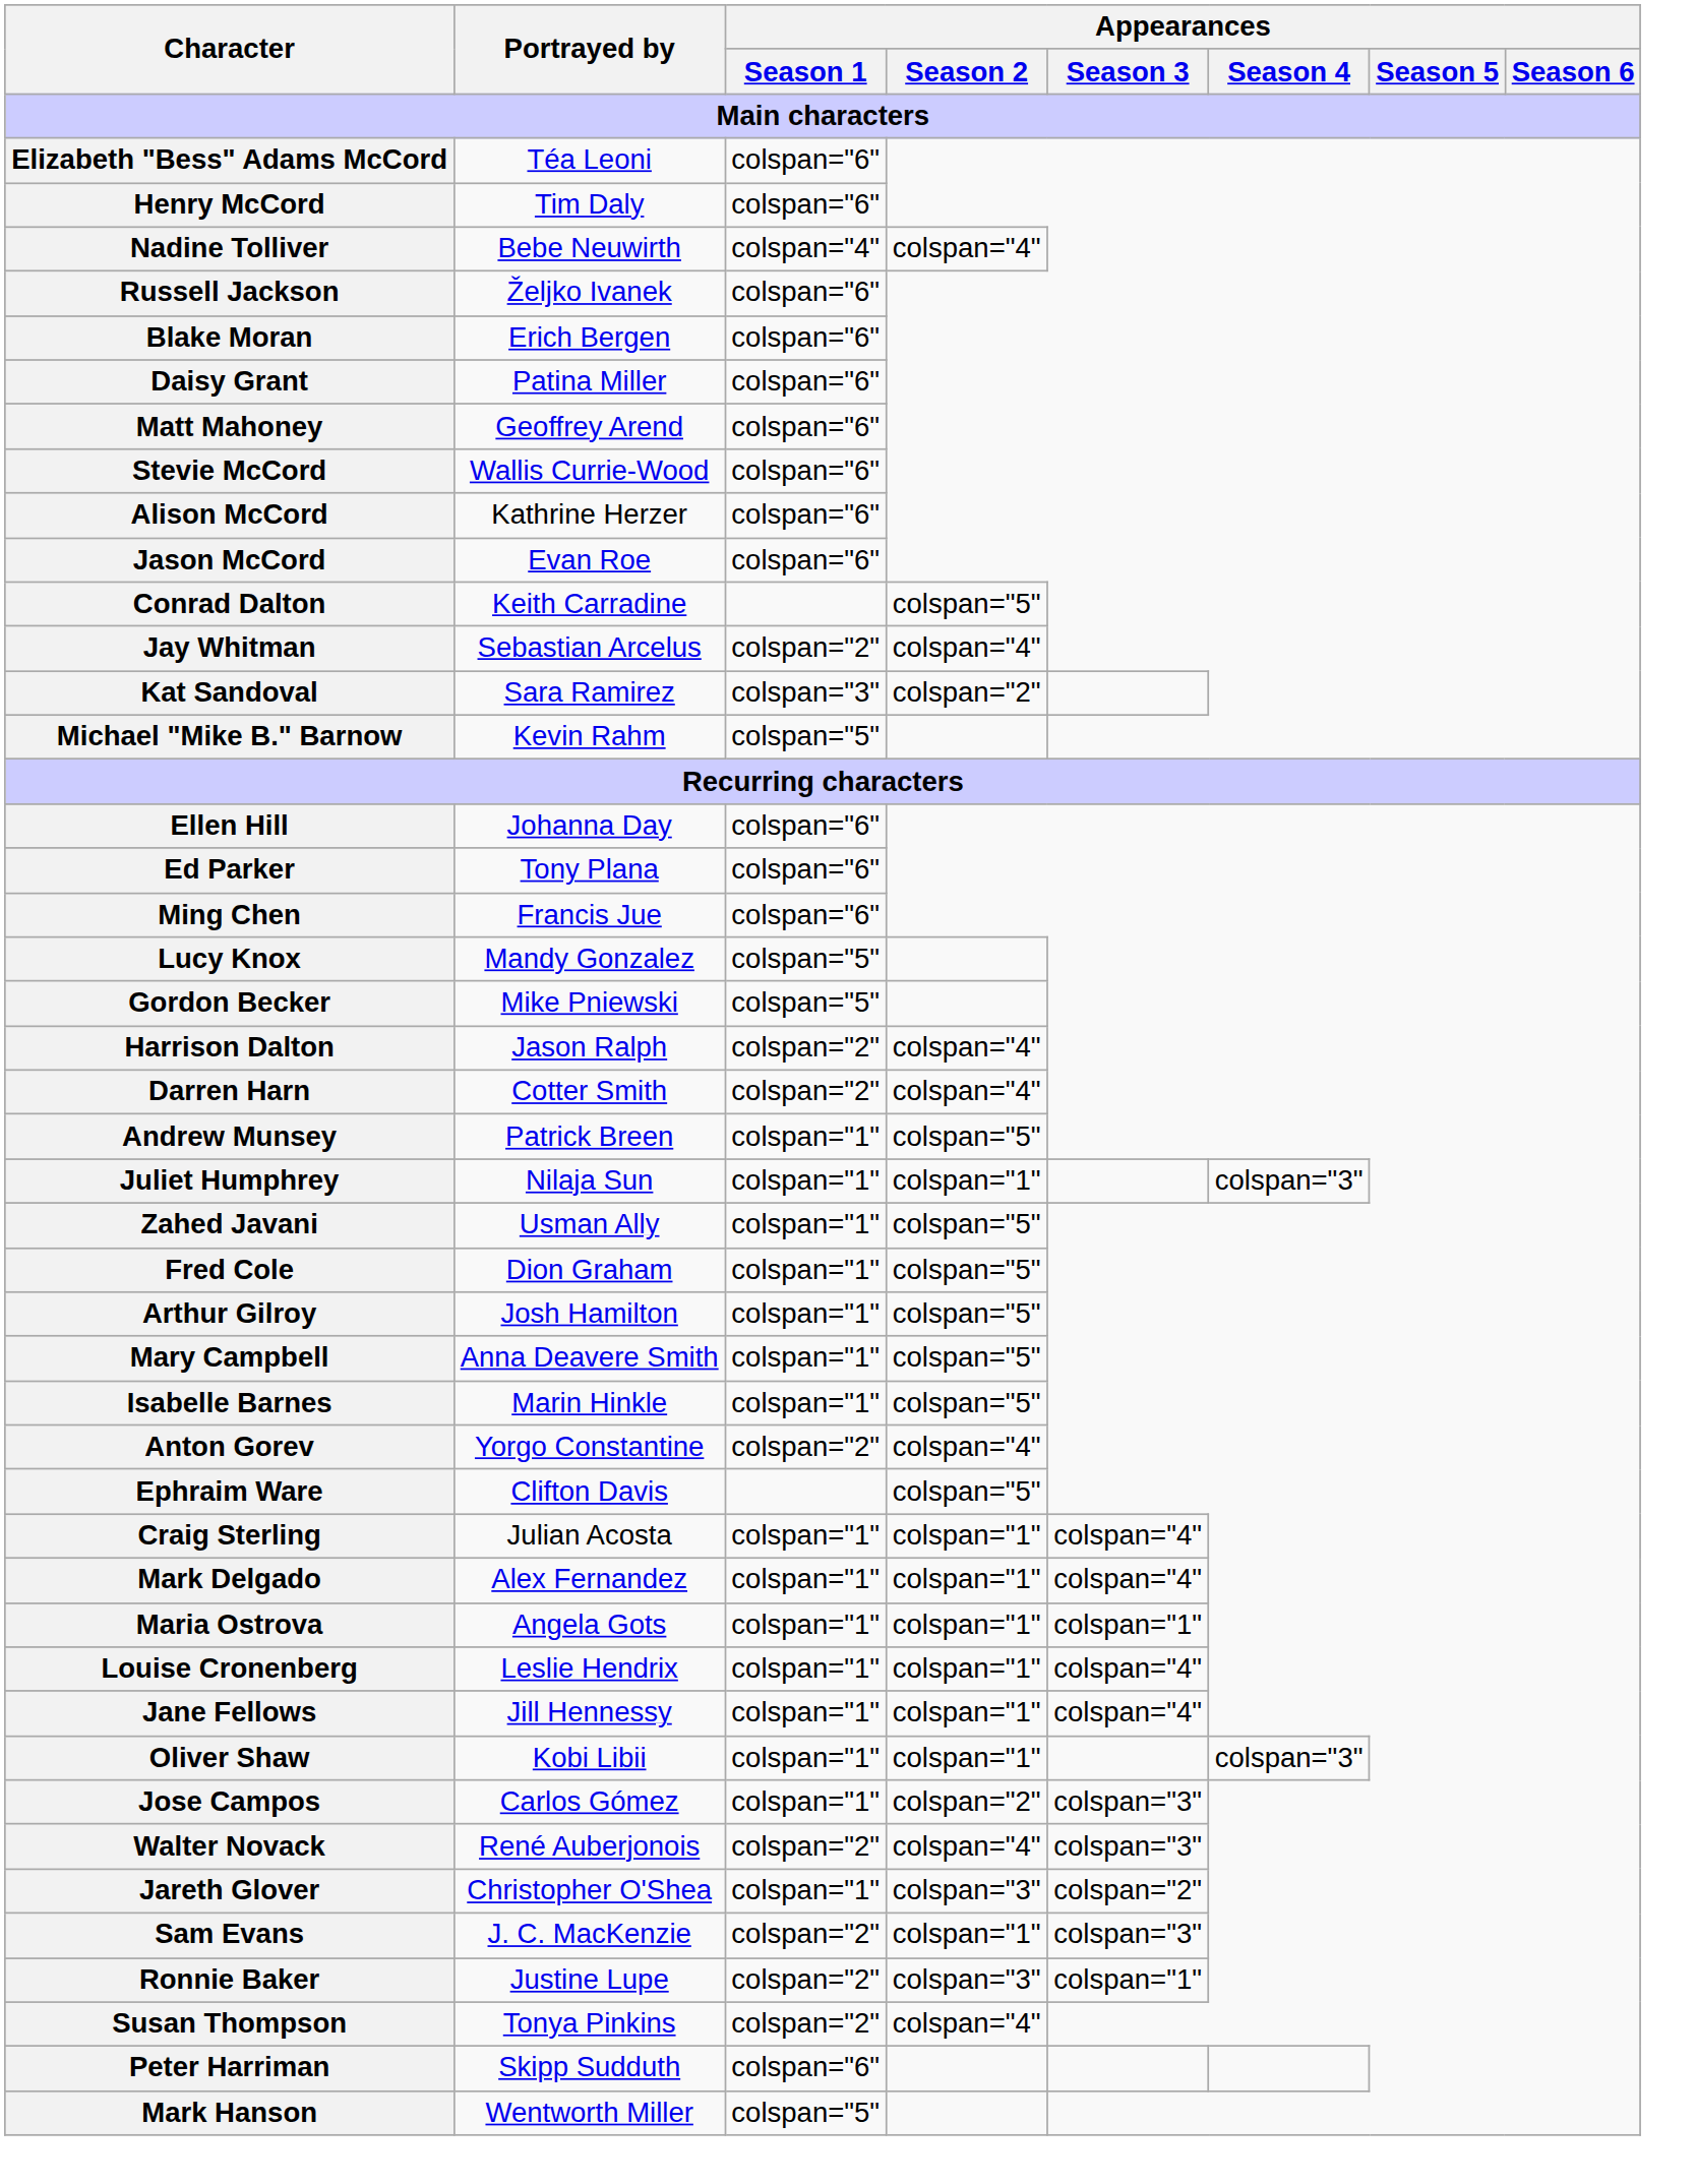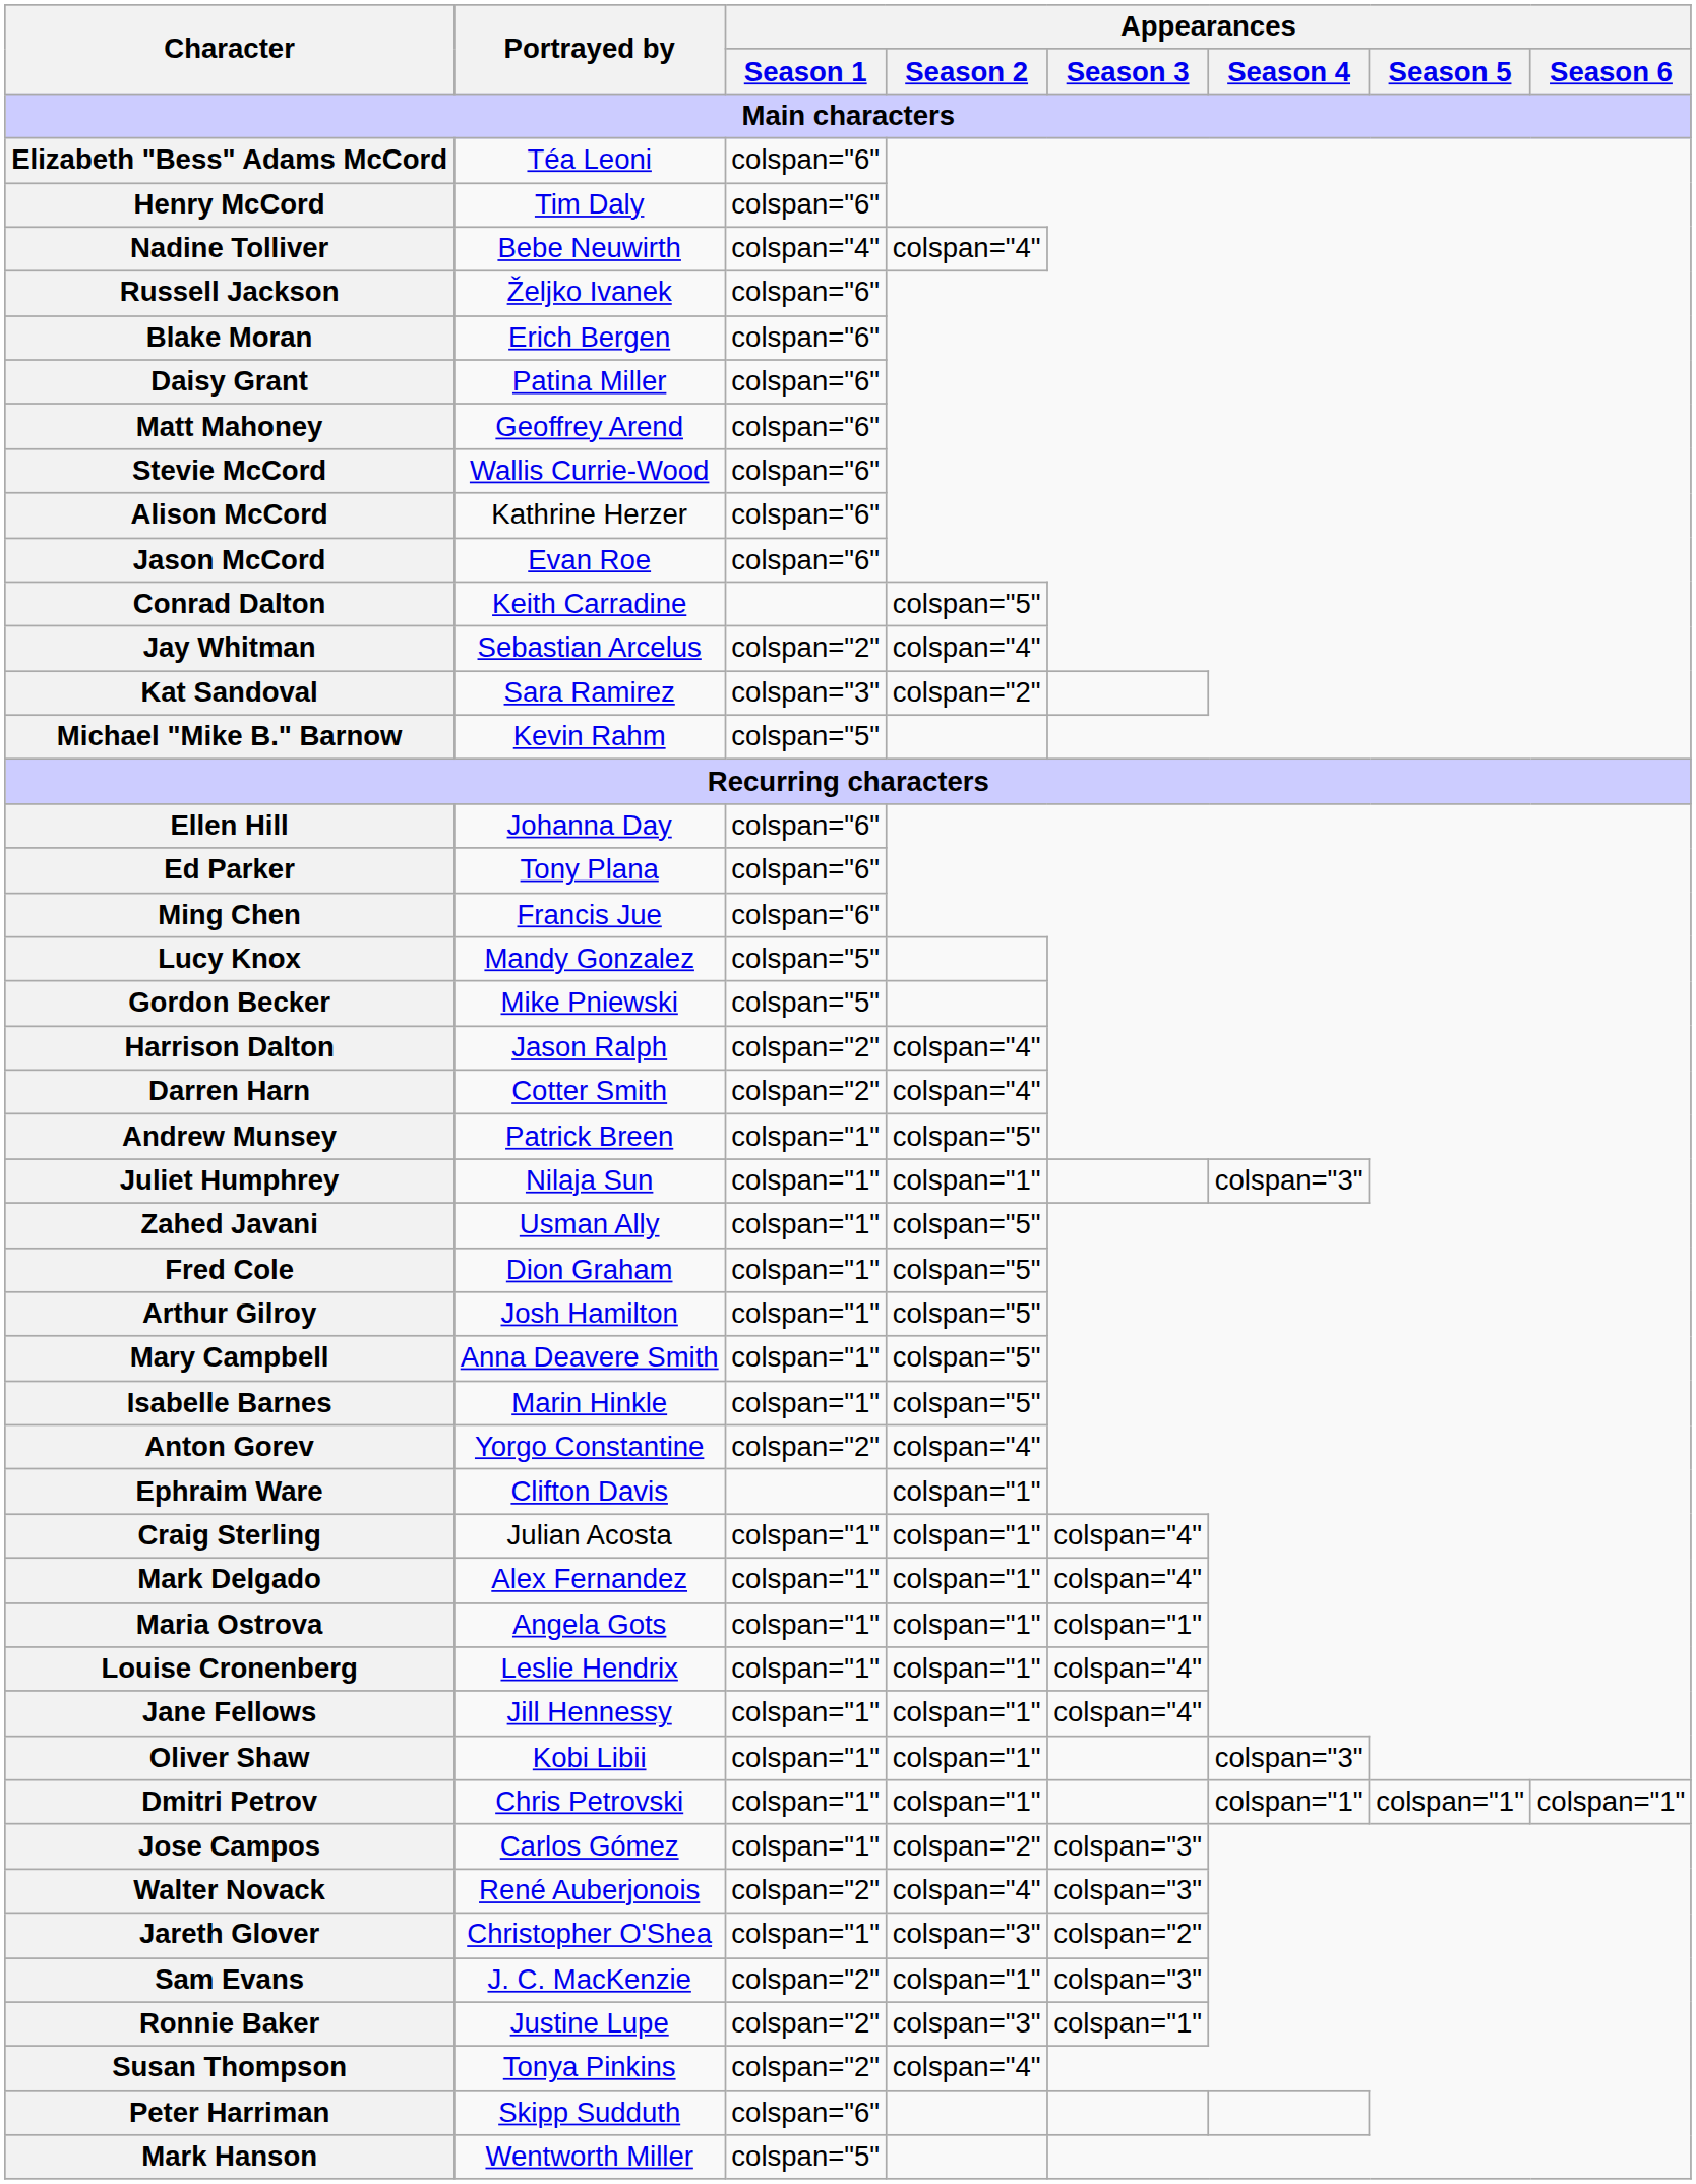 <table class="wikitable" style="text-align:center;">
 <tr>
 <th scope="col" rowspan="2">Character</th>
 <th scope="col" rowspan="2">Portrayed by</th>
 <th scope="col" colspan="6">Appearances</th>
 </tr>
 <tr>
 <th scope="col"><a href='#'>Season 1</a></th>
 <th scope="col"><a href='#'>Season 2</a></th>
 <th scope="col"><a href='#'>Season 3</a></th>
 <th scope="col"><a href='#'>Season 4</a></th>
 <th scope="col"><a href='#'>Season 5</a></th>
 <th scope="col"><a href='#'>Season 6</a></th>
 </tr>
 <tr>
 <th colspan="8" style="background-color:#ccccff;">Main characters</th>
 </tr>
 <tr>
 <th scope="row">Elizabeth "Bess" Adams McCord</th>
 <td><a href='#'>Téa Leoni</a></td>
 <td>colspan="6" </td>
 </tr>
 <tr>
 <th scope="row">Henry McCord</th>
 <td><a href='#'>Tim Daly</a></td>
 <td>colspan="6" </td>
 </tr>
 <tr>
 <th scope="row">Nadine Tolliver</th>
 <td><a href='#'>Bebe Neuwirth</a></td>
 <td>colspan="4" </td>
 <td>colspan="4" </td>
 </tr>
 <tr>
 <th scope="row">Russell Jackson</th>
 <td><a href='#'>Željko Ivanek</a></td>
 <td>colspan="6" </td>
 </tr>
 <tr>
 <th scope="row">Blake Moran</th>
 <td><a href='#'>Erich Bergen</a></td>
 <td>colspan="6" </td>
 </tr>
 <tr>
 <th scope="row">Daisy Grant</th>
 <td><a href='#'>Patina Miller</a></td>
 <td>colspan="6" </td>
 </tr>
 <tr>
 <th scope="row">Matt Mahoney</th>
 <td><a href='#'>Geoffrey Arend</a></td>
 <td>colspan="6" </td>
 </tr>
 <tr>
 <th scope="row">Stevie McCord</th>
 <td><a href='#'>Wallis Currie-Wood</a></td>
 <td>colspan="6" </td>
 </tr>
 <tr>
 <th scope="row">Alison McCord</th>
 <td>Kathrine Herzer</td>
 <td>colspan="6" </td>
 </tr>
 <tr>
 <th scope="row">Jason McCord</th>
 <td><a href='#'>Evan Roe</a></td>
 <td>colspan="6" </td>
 </tr>
 <tr>
 <th scope="row">Conrad Dalton</th>
 <td><a href='#'>Keith Carradine</a></td>
 <td></td>
 <td>colspan="5" </td>
 </tr>
 <tr>
 <th scope="row">Jay Whitman</th>
 <td><a href='#'>Sebastian Arcelus</a></td>
 <td>colspan="2" </td>
 <td>colspan="4" </td>
 </tr>
 <tr>
 <th scope="row">Kat Sandoval</th>
 <td><a href='#'>Sara Ramirez</a></td>
 <td>colspan="3" </td>
 <td>colspan="2" </td>
 <td></td>
 </tr>
 <tr>
 <th scope="row">Michael "Mike B." Barnow</th>
 <td><a href='#'>Kevin Rahm</a></td>
 <td>colspan="5" </td>
 <td></td>
 </tr>
 <tr>
 <th colspan="8" style="background-color:#ccccff;">Recurring characters</th>
 </tr>
 <tr>
 <th scope="row">Ellen Hill</th>
 <td><a href='#'>Johanna Day</a></td>
 <td>colspan="6" </td>
 </tr>
 <tr>
 <th scope="row">Ed Parker</th>
 <td><a href='#'>Tony Plana</a></td>
 <td>colspan="6" </td>
 </tr>
 <tr>
 <th scope="row">Ming Chen</th>
 <td><a href='#'>Francis Jue</a></td>
 <td>colspan="6" </td>
 </tr>
 <tr>
 <th scope="row">Lucy Knox</th>
 <td><a href='#'>Mandy Gonzalez</a></td>
 <td>colspan="5" </td>
 <td></td>
 </tr>
 <tr>
 <th scope="row">Gordon Becker</th>
 <td><a href='#'>Mike Pniewski</a></td>
 <td>colspan="5" </td>
 <td></td>
 </tr>
 <tr>
 <th scope="row">Harrison Dalton</th>
 <td><a href='#'>Jason Ralph</a></td>
 <td>colspan="2" </td>
 <td>colspan="4" </td>
 </tr>
 <tr>
 <th scope="row">Darren Harn</th>
 <td><a href='#'>Cotter Smith</a></td>
 <td>colspan="2" </td>
 <td>colspan="4" </td>
 </tr>
 <tr>
 <th scope="row">Andrew Munsey</th>
 <td><a href='#'>Patrick Breen</a></td>
 <td>colspan="1" </td>
 <td>colspan="5" </td>
 </tr>
 <tr>
 <th scope="row">Juliet Humphrey</th>
 <td><a href='#'>Nilaja Sun</a></td>
 <td>colspan="1" </td>
 <td>colspan="1" </td>
 <td></td>
 <td>colspan="3" </td>
 </tr>
 <tr>
 <th scope="row">Zahed Javani</th>
 <td><a href='#'>Usman Ally</a></td>
 <td>colspan="1" </td>
 <td>colspan="5" </td>
 </tr>
 <tr>
 <th scope="row">Fred Cole</th>
 <td><a href='#'>Dion Graham</a></td>
 <td>colspan="1" </td>
 <td>colspan="5" </td>
 </tr>
 <tr>
 <th scope="row">Arthur Gilroy</th>
 <td><a href='#'>Josh Hamilton</a></td>
 <td>colspan="1" </td>
 <td>colspan="5" </td>
 </tr>
 <tr>
 <th scope="row">Mary Campbell</th>
 <td><a href='#'>Anna Deavere Smith</a></td>
 <td>colspan="1" </td>
 <td>colspan="5" </td>
 </tr>
 <tr>
 <th scope="row">Isabelle Barnes</th>
 <td><a href='#'>Marin Hinkle</a></td>
 <td>colspan="1" </td>
 <td>colspan="5" </td>
 </tr>
 <tr>
 <th scope="row">Anton Gorev</th>
 <td><a href='#'>Yorgo Constantine</a></td>
 <td>colspan="2" </td>
 <td>colspan="4" </td>
 </tr>
 <tr>
 <th scope="row">Ephraim Ware</th>
 <td><a href='#'>Clifton Davis</a></td>
 <td></td>
-<td>colspan="5" </td>
+<td>colspan="1" </td>
 </tr>
 <tr>
 <th scope="row">Craig Sterling</th>
 <td>Julian Acosta</td>
 <td>colspan="1" </td>
 <td>colspan="1" </td>
 <td>colspan="4" </td>
 </tr>
 <tr>
 <th scope="row">Mark Delgado</th>
 <td><a href='#'>Alex Fernandez</a></td>
 <td>colspan="1" </td>
 <td>colspan="1" </td>
 <td>colspan="4" </td>
 </tr>
 <tr>
 <th scope="row">Maria Ostrova</th>
 <td><a href='#'>Angela Gots</a></td>
 <td>colspan="1" </td>
 <td>colspan="1" </td>
 <td>colspan="1" </td>
 </tr>
 <tr>
 <th scope="row">Louise Cronenberg</th>
 <td><a href='#'>Leslie Hendrix</a></td>
 <td>colspan="1" </td>
 <td>colspan="1" </td>
 <td>colspan="4" </td>
 </tr>
 <tr>
 <th scope="row">Jane Fellows</th>
 <td><a href='#'>Jill Hennessy</a></td>
 <td>colspan="1" </td>
 <td>colspan="1" </td>
 <td>colspan="4" </td>
 </tr>
 <tr>
 <th scope="row">Oliver Shaw</th>
 <td><a href='#'>Kobi Libii</a></td>
 <td>colspan="1" </td>
 <td>colspan="1" </td>
 <td></td>
 <td>colspan="3" </td>
+</tr>
+<tr>
+<th scope="row">Dmitri Petrov</th>
+<td><a href='#'>Chris Petrovski</a></td>
+<td>colspan="1" </td>
+<td>colspan="1" </td>
+<td></td>
+<td>colspan="1" </td>
+<td>colspan="1" </td>
+<td>colspan="1" </td>
 </tr>
 <tr>
 <th scope="row">Jose Campos</th>
 <td><a href='#'>Carlos Gómez</a></td>
 <td>colspan="1" </td>
 <td>colspan="2" </td>
 <td>colspan="3" </td>
 </tr>
 <tr>
 <th scope="row">Walter Novack</th>
 <td><a href='#'>René Auberjonois</a></td>
 <td>colspan="2" </td>
 <td>colspan="4" </td>
 <td>colspan="3" </td>
 </tr>
 <tr>
 <th scope="row">Jareth Glover</th>
 <td><a href='#'>Christopher O'Shea</a></td>
 <td>colspan="1" </td>
 <td>colspan="3" </td>
 <td>colspan="2" </td>
 </tr>
 <tr>
 <th scope="row">Sam Evans</th>
 <td><a href='#'>J. C. MacKenzie</a></td>
 <td>colspan="2" </td>
 <td>colspan="1" </td>
 <td>colspan="3" </td>
 </tr>
 <tr>
 <th scope="row">Ronnie Baker</th>
 <td><a href='#'>Justine Lupe</a></td>
 <td>colspan="2" </td>
 <td>colspan="3" </td>
 <td>colspan="1" </td>
 </tr>
 <tr>
 <th scope="row">Susan Thompson</th>
 <td><a href='#'>Tonya Pinkins</a></td>
 <td>colspan="2" </td>
 <td>colspan="4" </td>
 </tr>
 <tr>
 <th scope="row">Peter Harriman</th>
 <td><a href='#'>Skipp Sudduth</a></td>
 <td>colspan="6" </td>
 <td></td>
 <td></td>
 <td></td>
 </tr>
 <tr>
 <th scope="row">Mark Hanson</th>
 <td><a href='#'>Wentworth Miller</a></td>
 <td>colspan="5" </td>
 <td></td>
 </tr>
 </table>
